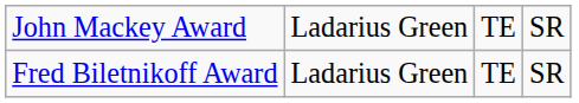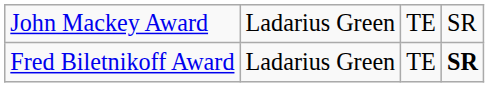 <table class="wikitable">
 <tr>
 <td><a href='#'>John Mackey Award</a></td>
 <td>Ladarius Green</td>
 <td>TE</td>
 <td>SR</td>
 </tr>
 <tr>
 <td><a href='#'>Fred Biletnikoff Award</a></td>
 <td>Ladarius Green</td>
 <td>TE</td>
-<td>SR</td>
+<td><strong>SR</strong></td>
 </tr>
 </table>
